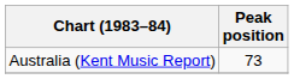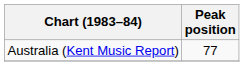 <table class="wikitable sortable">
 <tr>
 <th scope="col">Chart (1983–84)</th>
 <th>Peak<br>position</th>
 </tr>
 <tr>
 <td>Australia (<a href='#'>Kent Music Report</a>)</td>
-<td style="text-align:center;">73</td>
+<td style="text-align:center;">77</td>
 </tr>
 <tr>
 </tr>
 <tr>
 </tr>
 <tr>
 </tr>
 <tr>
 </tr>
 </table>
